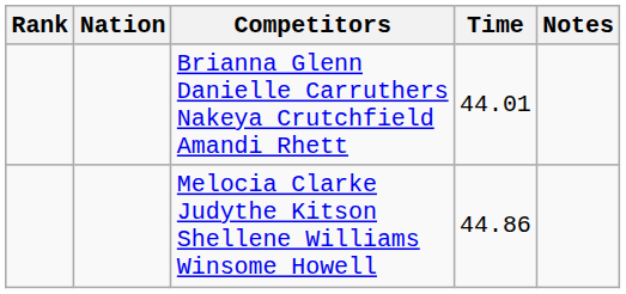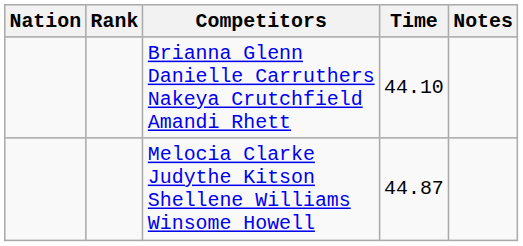 <table class="wikitable sortable" style="text-align:center">
 <tr>
+<th>Nation</th>
 <th>Rank</th>
-<th>Nation</th>
 <th>Competitors</th>
 <th>Time</th>
 <th>Notes</th>
 </tr>
 <tr>
+<td align=left></td>
 <td align=center></td>
-<td align=left></td>
 <td align=left><a href='#'>Brianna Glenn</a><br><a href='#'>Danielle Carruthers</a><br><a href='#'>Nakeya Crutchfield</a><br><a href='#'>Amandi Rhett</a></td>
-<td>44.01</td>
+<td>44.10</td>
 <td></td>
 </tr>
 <tr>
+<td align=left></td>
 <td align=center></td>
-<td align=left></td>
 <td align=left><a href='#'>Melocia Clarke</a><br><a href='#'>Judythe Kitson</a><br><a href='#'>Shellene Williams</a><br><a href='#'>Winsome Howell</a></td>
-<td>44.86</td>
+<td>44.87</td>
 <td></td>
 </tr>
 </table>
